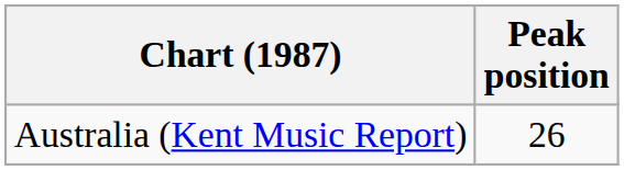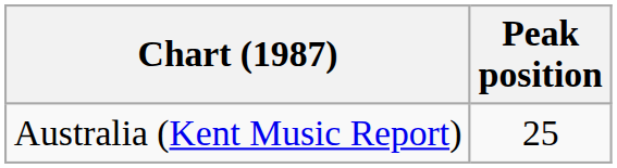 <table class="wikitable">
 <tr>
 <th scope="col">Chart (1987)</th>
 <th>Peak<br>position</th>
 </tr>
 <tr>
 <td>Australia (<a href='#'>Kent Music Report</a>)</td>
-<td style="text-align:center;">26</td>
+<td style="text-align:center;">25</td>
 </tr>
 </table>
